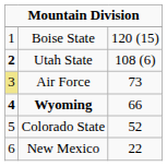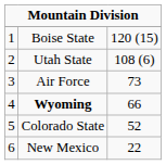 <table class="wikitable">
 <tr align="center">
 <td align="center" Colspan="3"><strong>Mountain Division</strong></td>
 </tr>
 <tr align="center">
 </tr>
 <tr align="center">
 <td>1</td>
 <td>Boise State</td>
 <td>120 (15)</td>
 </tr>
 <tr align="center">
-<td><strong>2</strong></td>
+<td>2</td>
 <td>Utah State</td>
 <td>108 (6)</td>
 </tr>
 <tr align="center">
-<td style="background: khaki;">3</td>
+<td>3</td>
 <td>Air Force</td>
 <td>73</td>
 </tr>
 <tr align="center">
-<td><strong>4</strong></td>
+<td>4</td>
 <td><strong>Wyoming</strong></td>
 <td>66</td>
 </tr>
 <tr align="center">
 <td>5</td>
 <td>Colorado State</td>
 <td>52</td>
 </tr>
 <tr align="center">
 <td>6</td>
 <td>New Mexico</td>
 <td>22</td>
 </tr>
 </table>
